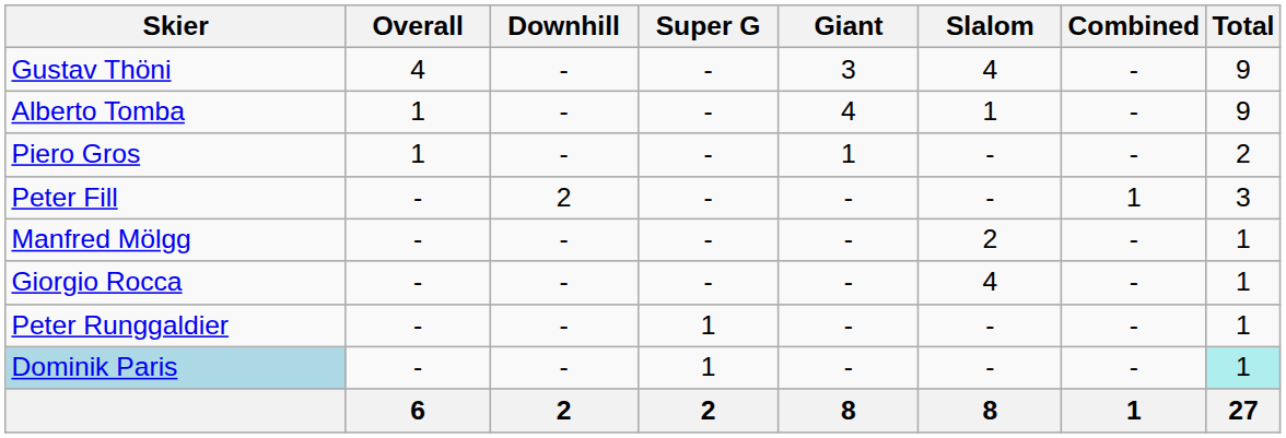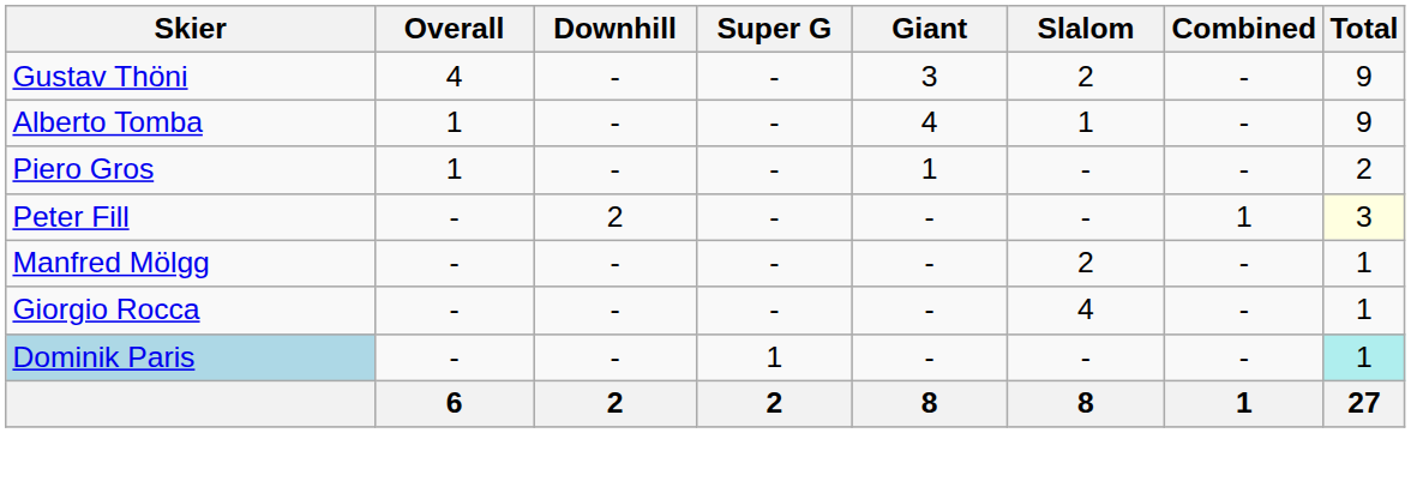 <table class="wikitable" width=60% style="font-size:100%; text-align:center;">
 <tr>
 <th style="width:30%">Skier</th>
 <th style="width:12%">Overall</th>
 <th style="width:12%">Downhill</th>
 <th style="width:12%">Super G</th>
 <th style="width:12%">Giant</th>
 <th style="width:12%">Slalom</th>
 <th style="width:12%">Combined</th>
 <th style="width:12%">Total</th>
 </tr>
 <tr>
 <td align=left><a href='#'>Gustav Thöni</a></td>
 <td>4</td>
 <td>-</td>
 <td>-</td>
 <td>3</td>
-<td>4</td>
+<td>2</td>
 <td>-</td>
 <td>9</td>
 </tr>
 <tr>
 <td align=left><a href='#'>Alberto Tomba</a></td>
 <td>1</td>
 <td>-</td>
 <td>-</td>
 <td>4</td>
 <td>1</td>
 <td>-</td>
 <td>9</td>
 </tr>
 <tr>
 <td align=left><a href='#'>Piero Gros</a></td>
 <td>1</td>
 <td>-</td>
 <td>-</td>
 <td>1</td>
 <td>-</td>
 <td>-</td>
 <td>2</td>
 </tr>
 <tr>
 <td align=left><a href='#'>Peter Fill</a></td>
 <td>-</td>
 <td>2</td>
 <td>-</td>
 <td>-</td>
 <td>-</td>
 <td>1</td>
-<td>3</td>
+<td style="background: lightyellow;">3</td>
 </tr>
 <tr>
 <td align=left><a href='#'>Manfred Mölgg</a></td>
 <td>-</td>
 <td>-</td>
 <td>-</td>
 <td>-</td>
 <td>2</td>
 <td>-</td>
 <td>1</td>
 </tr>
 <tr>
 <td align=left><a href='#'>Giorgio Rocca</a></td>
 <td>-</td>
 <td>-</td>
 <td>-</td>
 <td>-</td>
 <td>4</td>
-<td>-</td>
-<td>1</td>
-</tr>
-<tr>
-<td align=left><a href='#'>Peter Runggaldier</a></td>
-<td>-</td>
-<td>-</td>
-<td>1</td>
-<td>-</td>
-<td>-</td>
 <td>-</td>
 <td>1</td>
 </tr>
 <tr>
 <td align=left bgcolor=lightblue><a href='#'>Dominik Paris</a></td>
 <td>-</td>
 <td>-</td>
 <td>1</td>
 <td>-</td>
 <td>-</td>
 <td>-</td>
 <td style="background: paleturquoise;">1</td>
 </tr>
 <tr>
 <th></th>
 <th>6</th>
 <th>2</th>
 <th>2</th>
 <th>8</th>
 <th>8</th>
 <th>1</th>
 <th>27</th>
 </tr>
 </table>
